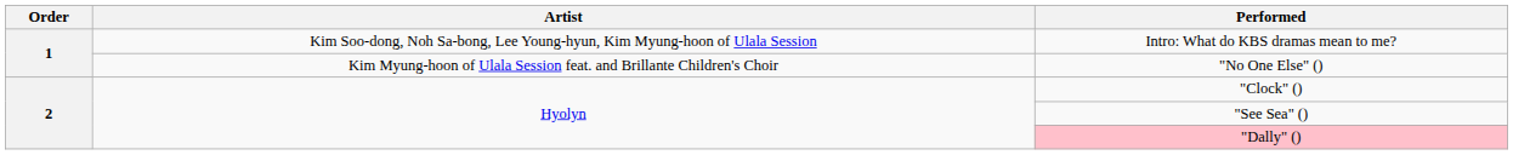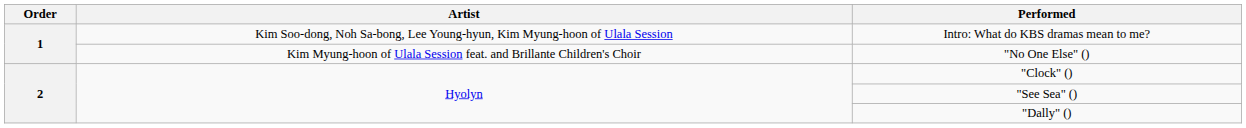 <table class="wikitable" style="text-align:center; width:80%;">
 <tr>
 <th>Order</th>
 <th>Artist</th>
 <th>Performed</th>
 </tr>
 <tr>
 <th rowspan=2>1</th>
 <td>Kim Soo-dong, Noh Sa-bong, Lee Young-hyun, Kim Myung-hoon of <a href='#'>Ulala Session</a></td>
 <td>Intro: What do KBS dramas mean to me?</td>
 </tr>
 <tr>
 <td>Kim Myung-hoon of <a href='#'>Ulala Session</a> feat.  and Brillante Children's Choir</td>
 <td>"No One Else" ()<br></td>
 </tr>
 <tr>
 <th rowspan=3>2</th>
 <td rowspan=3><a href='#'>Hyolyn</a></td>
 <td>"Clock" ()<br></td>
 </tr>
 <tr>
 <td>"See Sea" ()</td>
 </tr>
 <tr>
-<td style="background: pink;">"Dally" ()</td>
+<td>"Dally" ()</td>
 </tr>
 </table>
